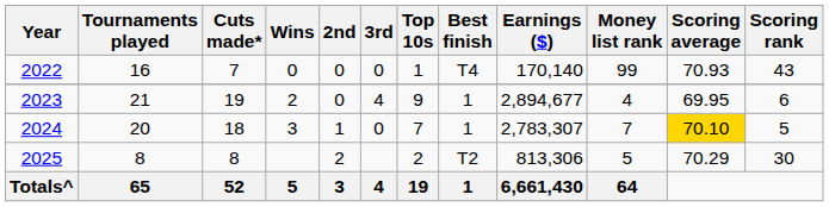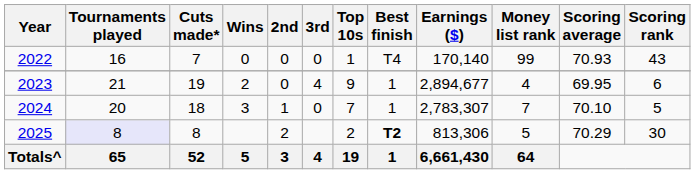 <table class="wikitable" style="text-align:center; font-size: 95%;">
 <tr>
 <th>Year</th>
 <th>Tournaments <br>played</th>
 <th>Cuts <br>made*</th>
 <th>Wins</th>
 <th>2nd</th>
 <th>3rd</th>
 <th>Top <br>10s</th>
 <th>Best <br>finish</th>
 <th>Earnings<br>(<a href='#'>$</a>)</th>
 <th>Money<br>list rank</th>
 <th>Scoring <br> average</th>
 <th>Scoring<br>rank</th>
 </tr>
 <tr>
 <td><a href='#'>2022</a></td>
 <td>16</td>
 <td>7</td>
 <td>0</td>
 <td>0</td>
 <td>0</td>
 <td>1</td>
 <td>T4</td>
 <td align=right>170,140</td>
 <td>99</td>
 <td>70.93</td>
 <td>43</td>
 </tr>
 <tr>
 </tr>
 <tr>
 <td><a href='#'>2023</a></td>
 <td>21 </td>
 <td>19 </td>
 <td>2 </td>
 <td>0 </td>
 <td>4 </td>
 <td>9 </td>
 <td>1 </td>
 <td align=right>2,894,677  </td>
 <td>4 </td>
 <td>69.95 </td>
 <td>6 </td>
 </tr>
 <tr>
 <td><a href='#'>2024</a></td>
 <td>20 </td>
 <td>18 </td>
 <td>3 </td>
 <td>1 </td>
 <td>0 </td>
 <td>7 </td>
 <td>1 </td>
 <td align=right>2,783,307  </td>
 <td>7 </td>
-<td style="background: gold;">70.10 </td>
+<td>70.10 </td>
 <td>5 </td>
 </tr>
 <tr>
 <td><a href='#'>2025</a></td>
-<td>8 </td>
+<td style="background: lavender;">8 </td>
 <td>8 </td>
 <td></td>
 <td>2 </td>
 <td></td>
 <td>2 </td>
-<td>T2 </td>
+<td><strong>T2 </strong></td>
 <td align=right>813,306  </td>
 <td>5 </td>
 <td>70.29 </td>
 <td>30 </td>
 </tr>
 <tr>
 <th>Totals^</th>
 <th>65  </th>
 <th>52  </th>
 <th>5   </th>
 <th>3   </th>
 <th>4   </th>
 <th>19   </th>
 <th>1  </th>
 <th align=right>6,661,430</th>
 <th>64 </th>
 </tr>
 </table>
